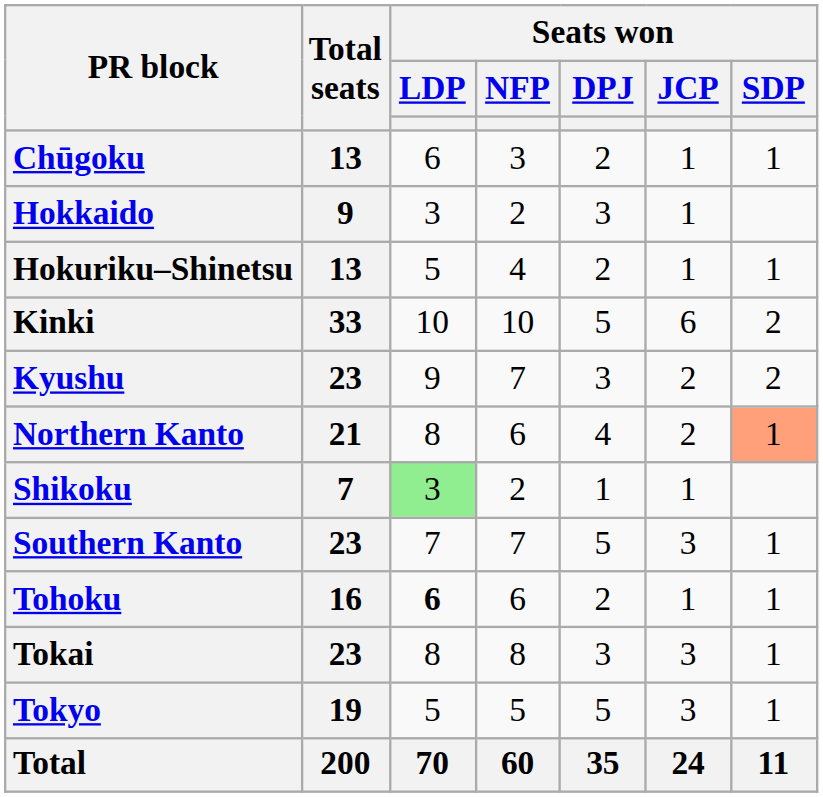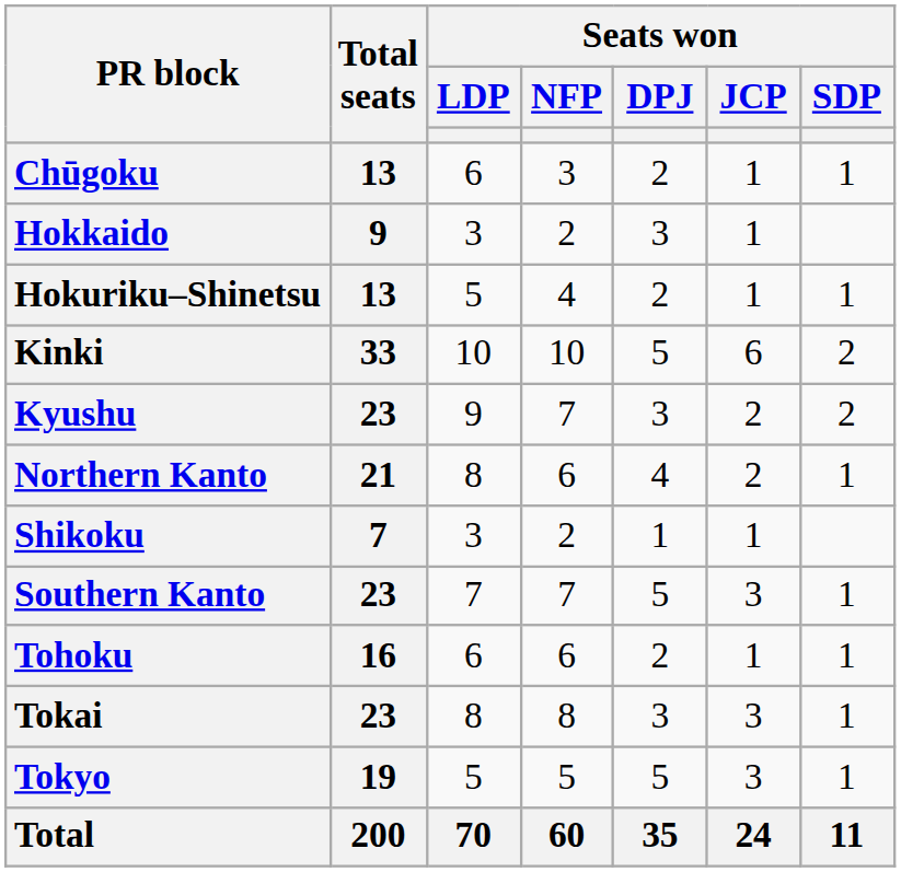 <table class="wikitable" style="text-align:center; font-size: 0.9em;">
 <tr>
 <th rowspan="3">PR block</th>
 <th rowspan="3">Total<br>seats</th>
 <th colspan="5">Seats won</th>
 </tr>
 <tr>
 <th class="unsortable" style="width:30px;"><a href='#'>LDP</a></th>
 <th class="unsortable" style="width:30px;"><a href='#'>NFP</a></th>
 <th class="unsortable" style="width:30px;"><a href='#'>DPJ</a></th>
 <th class="unsortable" style="width:30px;"><a href='#'>JCP</a></th>
 <th class="unsortable" style="width:30px;"><a href='#'>SDP</a></th>
 </tr>
 <tr>
 <th style="background:"></th>
 <th style="background:"></th>
 <th style="background:"></th>
 <th style="background:"></th>
 <th style="background:"></th>
 </tr>
 <tr>
 <th style="text-align: left;"><a href='#'>Chūgoku</a></th>
 <th>13</th>
 <td>6</td>
 <td>3</td>
 <td>2</td>
 <td>1</td>
 <td>1</td>
 </tr>
 <tr>
 <th style="text-align: left;"><a href='#'>Hokkaido</a></th>
 <th>9</th>
 <td>3</td>
 <td>2</td>
 <td>3</td>
 <td>1</td>
 <td></td>
 </tr>
 <tr>
 <th style="text-align: left;">Hokuriku–Shinetsu</th>
 <th>13</th>
 <td>5</td>
 <td>4</td>
 <td>2</td>
 <td>1</td>
 <td>1</td>
 </tr>
 <tr>
 <th style="text-align: left;">Kinki</th>
 <th>33</th>
 <td>10</td>
 <td>10</td>
 <td>5</td>
 <td>6</td>
 <td>2</td>
 </tr>
 <tr>
 <th style="text-align: left;"><a href='#'>Kyushu</a></th>
 <th>23</th>
 <td>9</td>
 <td>7</td>
 <td>3</td>
 <td>2</td>
 <td>2</td>
 </tr>
 <tr>
 <th style="text-align: left;"><a href='#'>Northern Kanto</a></th>
 <th>21</th>
 <td>8</td>
 <td>6</td>
 <td>4</td>
 <td>2</td>
-<td style="background: lightsalmon;">1</td>
+<td>1</td>
 </tr>
 <tr>
 <th style="text-align: left;"><a href='#'>Shikoku</a></th>
 <th>7</th>
-<td style="background: lightgreen;">3</td>
+<td>3</td>
 <td>2</td>
 <td>1</td>
 <td>1</td>
 <td></td>
 </tr>
 <tr>
 <th style="text-align: left;"><a href='#'>Southern Kanto</a></th>
 <th>23</th>
 <td>7</td>
 <td>7</td>
 <td>5</td>
 <td>3</td>
 <td>1</td>
 </tr>
 <tr>
 <th style="text-align: left;"><a href='#'>Tohoku</a></th>
 <th>16</th>
-<td><strong>6</strong></td>
+<td>6</td>
 <td>6</td>
 <td>2</td>
 <td>1</td>
 <td>1</td>
 </tr>
 <tr>
 <th style="text-align: left;">Tokai</th>
 <th>23</th>
 <td>8</td>
 <td>8</td>
 <td>3</td>
 <td>3</td>
 <td>1</td>
 </tr>
 <tr>
 <th style="text-align: left;"><a href='#'>Tokyo</a></th>
 <th>19</th>
 <td>5</td>
 <td>5</td>
 <td>5</td>
 <td>3</td>
 <td>1</td>
 </tr>
 <tr class="sortbottom">
 <th style="text-align: left;">Total</th>
 <th>200</th>
 <th>70</th>
 <th>60</th>
 <th>35</th>
 <th>24</th>
 <th>11</th>
 </tr>
 </table>
